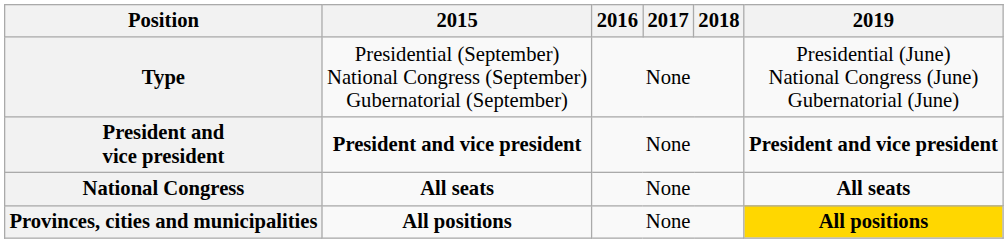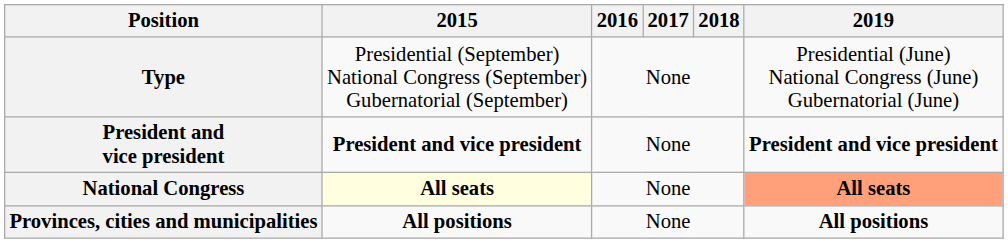 <table class=wikitable style="text-align:center;">
 <tr>
 <th>Position</th>
 <th>2015</th>
 <th>2016</th>
 <th>2017</th>
 <th>2018</th>
 <th>2019</th>
 </tr>
 <tr>
 <th>Type</th>
 <td>Presidential (September)<br>National Congress (September)<br>Gubernatorial (September)</td>
 <td colspan=3>None</td>
 <td>Presidential (June)<br>National Congress (June)<br>Gubernatorial (June)</td>
 </tr>
 <tr>
 <th>President and<br>vice president</th>
 <td><strong>President and vice president</strong></td>
 <td colspan=3>None</td>
 <td><strong>President and vice president</strong></td>
 </tr>
 <tr>
 <th>National Congress</th>
-<td><strong>All seats</strong></td>
+<td style="background: lightyellow;"><strong>All seats</strong></td>
 <td colspan=3>None</td>
-<td><strong>All seats</strong></td>
+<td style="background: lightsalmon;"><strong>All seats</strong></td>
 </tr>
 <tr>
 <th>Provinces, cities and municipalities</th>
 <td><strong>All positions</strong></td>
 <td colspan=3>None</td>
-<td style="background: gold;"><strong>All positions</strong></td>
+<td><strong>All positions</strong></td>
 </tr>
 </table>
